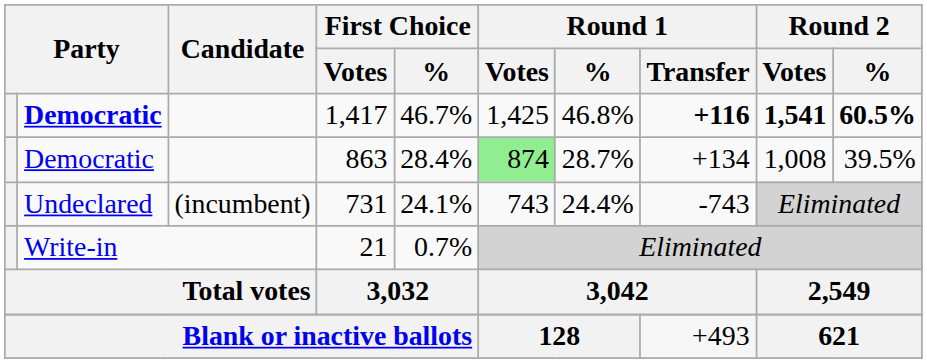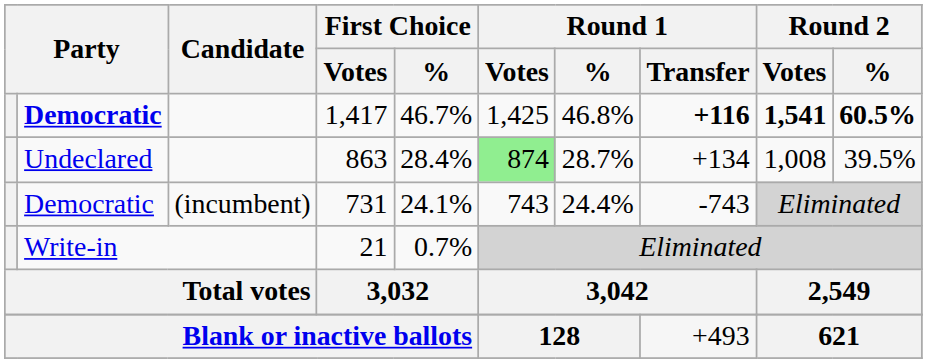 <table class="wikitable sortable" style="text-align:right">
 <tr>
 <th colspan=2 rowspan=2>Party</th>
 <th rowspan=2>Candidate</th>
 <th colspan=2>First Choice</th>
 <th colspan=3>Round 1</th>
 <th colspan=2>Round 2</th>
 </tr>
 <tr>
 <th>Votes</th>
 <th>%</th>
 <th>Votes</th>
 <th>%</th>
 <th>Transfer</th>
 <th>Votes</th>
 <th>%</th>
 </tr>
 <tr>
 <th style="background-color:"></th>
 <td style="text-align:left"><strong><a href='#'>Democratic</a></strong></td>
 <td style="text-align:left" scope="row"><strong></strong></td>
 <td>1,417</td>
 <td>46.7%</td>
 <td>1,425</td>
 <td>46.8%</td>
 <td><strong>+116</strong></td>
 <td><strong>1,541</strong></td>
 <td><strong>60.5%</strong></td>
 </tr>
 <tr>
 <th style="background-color:"></th>
-<td style="text-align:left"><a href='#'>Democratic</a></td>
+<td style="text-align:left"><a href='#'>Undeclared</a></td>
 <td style="text-align:left" scope="row"></td>
 <td>863</td>
 <td>28.4%</td>
 <td style="background: lightgreen;">874</td>
 <td>28.7%</td>
 <td>+134</td>
 <td>1,008</td>
 <td>39.5%</td>
 </tr>
 <tr>
 <th style="background-color:"></th>
-<td style="text-align:left"><a href='#'>Undeclared</a></td>
+<td style="text-align:left"><a href='#'>Democratic</a></td>
 <td style="text-align:left" scope="row"> (incumbent)</td>
 <td>731</td>
 <td>24.1%</td>
 <td>743</td>
 <td>24.4%</td>
 <td>-743</td>
 <td colspan="2"  style="background:lightgrey; text-align:center;"><em>Eliminated</em></td>
 </tr>
 <tr>
 <th style="background-color:"></th>
 <td style="text-align:left" colspan=2><a href='#'>Write-in</a></td>
 <td>21</td>
 <td>0.7%</td>
 <td colspan="5"  style="background:lightgrey; text-align:center;"><em>Eliminated</em></td>
 </tr>
 <tr class="sortbottom" style="background-color:#F6F6F6">
 <th colspan=3 scope="row" style="text-align:right;"><strong>Total votes</strong></th>
 <th colspan=2><strong>3,032</strong></th>
 <th colspan=3><strong>3,042</strong></th>
 <th colspan=2><strong>2,549</strong></th>
 </tr>
 <tr class="sortbottom">
 </tr>
 <tr class="sortbottom" style="background-color:#F6F6F6">
 <th colspan=5 scope="row" style="text-align:right;"><a href='#'>Blank or inactive ballots</a></th>
 <th colspan=2>128</th>
 <td>+493</td>
 <th colspan=2>621</th>
 </tr>
 </table>
